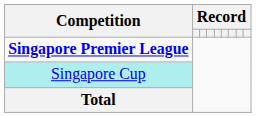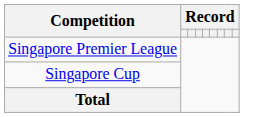 <table class="wikitable" style="text-align: center">
 <tr>
 <th rowspan=2>Competition</th>
 <th colspan=8>Record</th>
 </tr>
 <tr>
 <th></th>
 <th></th>
 <th></th>
 <th></th>
 <th></th>
 <th></th>
 <th></th>
 <th></th>
 </tr>
 <tr>
-<td><strong><a href='#'>Singapore Premier League</a><br></strong></td>
+<td><a href='#'>Singapore Premier League</a><br></td>
 </tr>
 <tr>
-<td style="background: paleturquoise;"><a href='#'>Singapore Cup</a><br></td>
+<td><a href='#'>Singapore Cup</a><br></td>
 </tr>
 <tr>
 <th>Total<br></th>
 </tr>
 </table>
